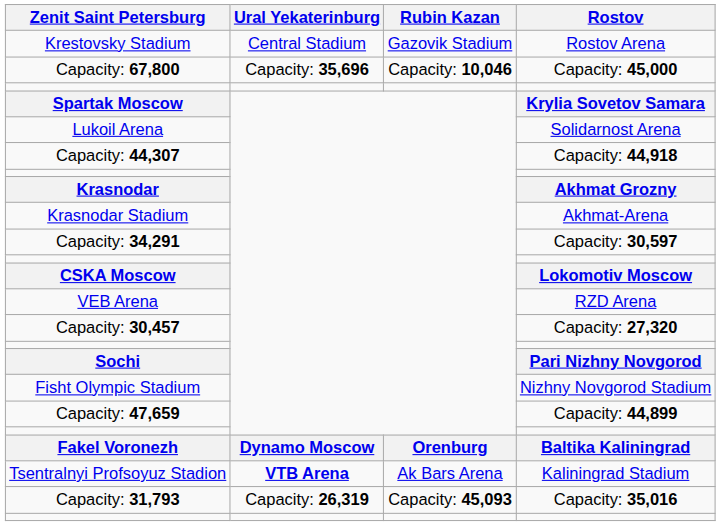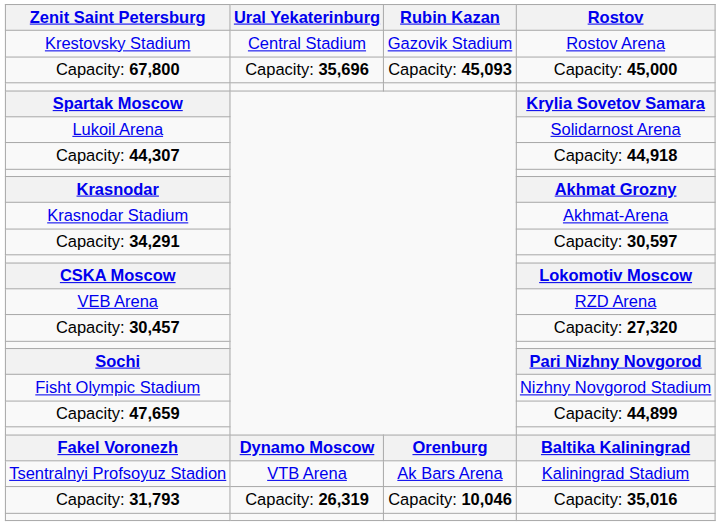 <table class="wikitable" style="text-align:center;margin: 1em auto;">
 <tr>
 <th><a href='#'>Zenit Saint Petersburg</a></th>
 <th><a href='#'>Ural Yekaterinburg</a></th>
 <th><a href='#'>Rubin Kazan</a></th>
 <th><a href='#'>Rostov</a></th>
 </tr>
 <tr>
 <td><a href='#'>Krestovsky Stadium</a></td>
 <td><a href='#'>Central Stadium</a></td>
 <td><a href='#'>Gazovik Stadium</a></td>
 <td><a href='#'>Rostov Arena</a></td>
 </tr>
 <tr>
 <td>Capacity: <strong>67,800</strong></td>
 <td>Capacity: <strong>35,696</strong></td>
-<td>Capacity: <strong>10,046</strong></td>
+<td>Capacity: <strong>45,093</strong></td>
 <td>Capacity: <strong>45,000</strong></td>
 </tr>
 <tr>
 <td></td>
 <td></td>
 <td></td>
 <td></td>
 </tr>
 <tr>
 <th><a href='#'>Spartak Moscow</a></th>
 <td colspan="2" rowspan="16"><br> </td>
 <th><a href='#'>Krylia Sovetov Samara</a></th>
 </tr>
 <tr>
 <td><a href='#'>Lukoil Arena</a></td>
 <td><a href='#'>Solidarnost Arena</a></td>
 </tr>
 <tr>
 <td>Capacity: <strong>44,307</strong></td>
 <td>Capacity: <strong>44,918</strong></td>
 </tr>
 <tr>
 <td></td>
 <td></td>
 </tr>
 <tr>
 <th><a href='#'>Krasnodar</a></th>
 <th><a href='#'>Akhmat Grozny</a></th>
 </tr>
 <tr>
 <td><a href='#'>Krasnodar Stadium</a></td>
 <td><a href='#'>Akhmat-Arena</a></td>
 </tr>
 <tr>
 <td>Capacity: <strong>34,291</strong></td>
 <td>Capacity: <strong>30,597</strong></td>
 </tr>
 <tr>
 <td></td>
 <td></td>
 </tr>
 <tr>
 <th><a href='#'>CSKA Moscow</a></th>
 <th><a href='#'>Lokomotiv Moscow</a></th>
 </tr>
 <tr>
 <td><a href='#'>VEB Arena</a></td>
 <td><a href='#'>RZD Arena</a></td>
 </tr>
 <tr>
 <td>Capacity: <strong>30,457</strong></td>
 <td>Capacity: <strong>27,320</strong></td>
 </tr>
 <tr>
 <td></td>
 <td></td>
 </tr>
 <tr>
 <th><a href='#'>Sochi</a></th>
 <th><a href='#'>Pari Nizhny Novgorod</a></th>
 </tr>
 <tr>
 <td><a href='#'>Fisht Olympic Stadium</a></td>
 <td><a href='#'>Nizhny Novgorod Stadium</a></td>
 </tr>
 <tr>
 <td>Capacity: <strong>47,659</strong></td>
 <td>Capacity: <strong>44,899</strong></td>
 </tr>
 <tr>
 <td></td>
 <td></td>
 </tr>
 <tr>
 <th><a href='#'>Fakel Voronezh</a></th>
 <th><a href='#'>Dynamo Moscow</a></th>
 <th><a href='#'>Orenburg</a></th>
 <th><a href='#'>Baltika Kaliningrad</a></th>
 </tr>
 <tr>
 <td><a href='#'>Tsentralnyi Profsoyuz Stadion</a></td>
-<td><strong><a href='#'>VTB Arena</a></strong></td>
+<td><a href='#'>VTB Arena</a></td>
 <td><a href='#'>Ak Bars Arena</a></td>
 <td><a href='#'>Kaliningrad Stadium</a></td>
 </tr>
 <tr>
 <td>Capacity: <strong>31,793</strong></td>
 <td>Capacity: <strong>26,319</strong></td>
-<td>Capacity: <strong>45,093</strong></td>
+<td>Capacity: <strong>10,046</strong></td>
 <td>Capacity: <strong>35,016</strong></td>
 </tr>
 <tr>
 <td></td>
 <td></td>
 <td></td>
 <td></td>
 </tr>
 </table>
